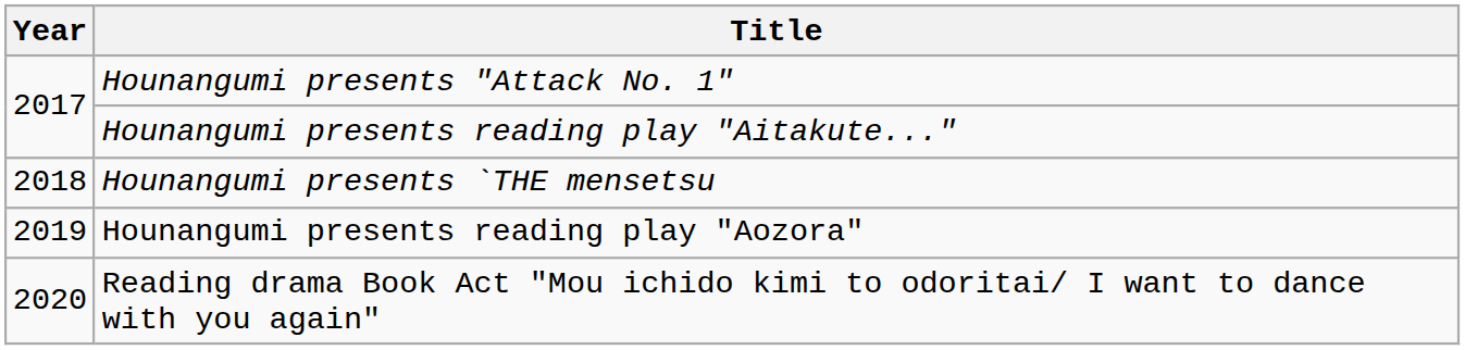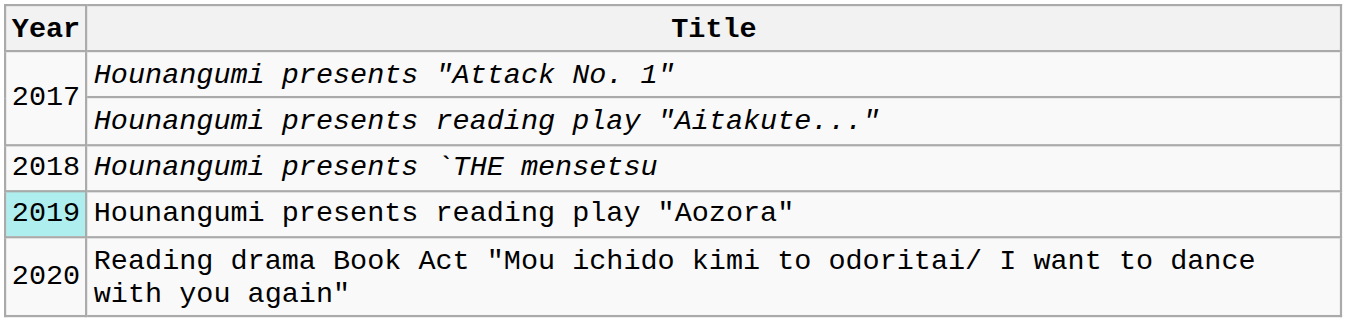 <table class="wikitable">
 <tr>
 <th>Year</th>
 <th>Title</th>
 </tr>
 <tr>
 <td rowspan="2">2017</td>
 <td><em>Hounangumi presents  "Attack No. 1"</em></td>
 </tr>
 <tr>
 <td><em>Hounangumi presents reading play "Aitakute..."</em></td>
 </tr>
 <tr>
 <td>2018</td>
 <td><em>Hounangumi presents `THE mensetsu<strong></td>
 </tr>
 <tr>
-<td>2019</td>
+<td style="background: paleturquoise;">2019</td>
 <td></em>Hounangumi presents reading play "Aozora"<em></td>
 </tr>
 <tr>
 <td>2020</td>
 <td>Reading drama </em>Book Act "Mou ichido kimi to odoritai/ I want to dance with you again"<em></td>
 </tr>
 </table>
